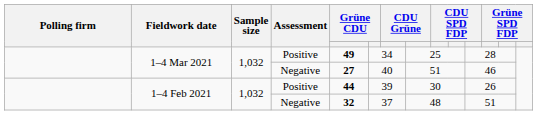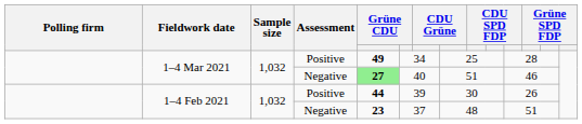 <table class="wikitable sortable" style="text-align:center;font-size:90%;line-height:14px;">
 <tr style="height:40px;">
 <th style="width:160px;" rowspan="2">Polling firm</th>
 <th style="width:125px;" rowspan="2">Fieldwork date</th>
 <th style="width:35px;" rowspan="2">Sample<br>size</th>
 <th style="width:35px;" rowspan="2">Assessment</th>
 <th class="unsortable" style="width:60px;" colspan="2"><a href='#'>Grüne</a><br><a href='#'>CDU</a></th>
 <th class="unsortable" style="width:60px;" colspan="2"><a href='#'>CDU</a><br><a href='#'>Grüne</a></th>
 <th class="unsortable" style="width:60px;" colspan="3"><a href='#'>CDU</a><br><a href='#'>SPD</a><br><a href='#'>FDP</a></th>
 <th class="unsortable" style="width:60px;" colspan="3"><a href='#'>Grüne</a><br><a href='#'>SPD</a><br><a href='#'>FDP</a></th>
 </tr>
 <tr>
 <th style="background:"></th>
 <th style="background:"></th>
 <th style="background:"></th>
 <th style="background:"></th>
 <th style="background:"></th>
 <th style="background:"></th>
 <th style="background:"></th>
 <th style="background:"></th>
 <th style="background:"></th>
 <th style="background:"></th>
 </tr>
 <tr>
 <td rowspan="2"></td>
 <td data-sort-value="2021-03-05" rowspan="2">1–4 Mar 2021</td>
 <td rowspan="2">1,032</td>
 <td>Positive</td>
 <td><strong>49</strong></td>
 <td colspan="2">34</td>
 <td colspan="3">25</td>
 <td colspan="3">28</td>
 </tr>
 <tr>
 <td>Negative</td>
-<td><strong>27</strong></td>
+<td style="background: lightgreen;"><strong>27</strong></td>
 <td colspan="2">40</td>
 <td colspan="3">51</td>
 <td colspan="3">46</td>
 </tr>
 <tr>
 <td rowspan="2"> </td>
 <td data-sort-value="2021-02-05" rowspan="2">1–4 Feb 2021</td>
 <td rowspan="2">1,032</td>
 <td>Positive</td>
 <td><strong>44</strong></td>
 <td colspan="2">39</td>
 <td colspan="3">30</td>
 <td colspan="3">26</td>
 </tr>
 <tr>
 <td>Negative</td>
-<td><strong>32</strong></td>
+<td><strong>23</strong></td>
 <td colspan="2">37</td>
 <td colspan="3">48</td>
 <td colspan="3">51</td>
 </tr>
 </table>
